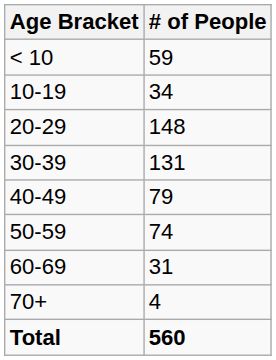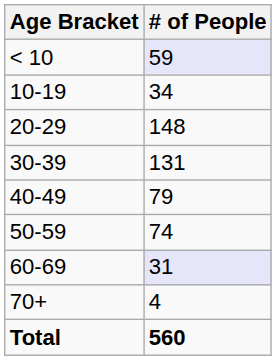 <table class="wikitable floatright">
 <tr>
 <th>Age Bracket</th>
 <th># of People</th>
 </tr>
 <tr>
 <td>< 10</td>
-<td>59</td>
+<td style="background: lavender;">59</td>
 </tr>
 <tr>
 <td>10-19</td>
 <td>34</td>
 </tr>
 <tr>
 <td>20-29</td>
 <td>148</td>
 </tr>
 <tr>
 <td>30-39</td>
 <td>131</td>
 </tr>
 <tr>
 <td>40-49</td>
 <td>79</td>
 </tr>
 <tr>
 <td>50-59</td>
 <td>74</td>
 </tr>
 <tr>
 <td>60-69</td>
-<td>31</td>
+<td style="background: lavender;">31</td>
 </tr>
 <tr>
 <td>70+</td>
 <td>4</td>
 </tr>
 <tr>
 <td><strong>Total</strong></td>
 <td><strong>560</strong></td>
 </tr>
 </table>
